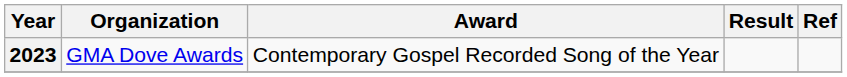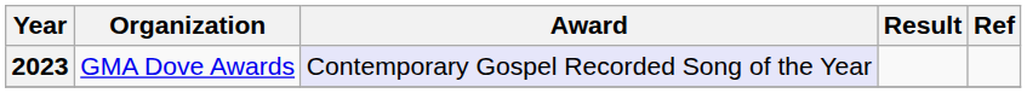 <table class="wikitable plainrowheaders">
 <tr>
 <th>Year</th>
 <th>Organization</th>
 <th>Award</th>
 <th>Result</th>
 <th style="text-align:center">Ref</th>
 </tr>
 <tr>
 <th scope="row">2023</th>
 <td><a href='#'>GMA Dove Awards</a></td>
-<td>Contemporary Gospel Recorded Song of the Year</td>
+<td style="background: lavender;">Contemporary Gospel Recorded Song of the Year</td>
 <td></td>
 <td></td>
 </tr>
 <tr>
 </tr>
 </table>
